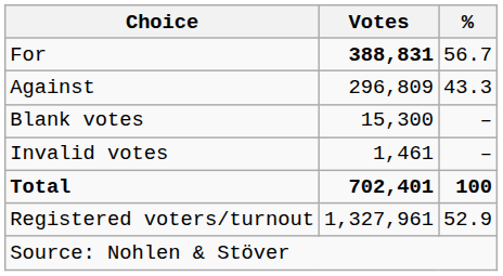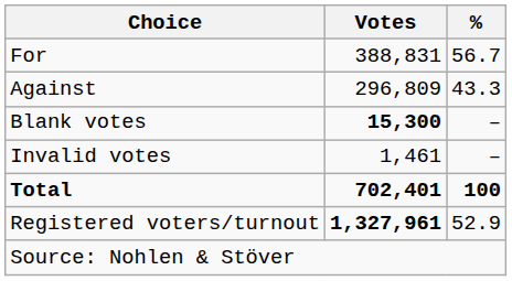 <table class=wikitable style=text-align:right>
 <tr>
 <th>Choice</th>
 <th>Votes</th>
 <th>%</th>
 </tr>
 <tr>
 <td align=left>For</td>
-<td><strong>388,831</strong></td>
+<td>388,831</td>
 <td>56.7</td>
 </tr>
 <tr>
 <td align=left>Against</td>
 <td>296,809</td>
 <td>43.3</td>
 </tr>
 <tr>
 <td align=left>Blank votes</td>
-<td>15,300</td>
+<td><strong>15,300</strong></td>
 <td>–</td>
 </tr>
 <tr>
 <td align=left>Invalid votes</td>
 <td>1,461</td>
 <td>–</td>
 </tr>
 <tr>
 <td align=left><strong>Total</strong></td>
 <td><strong>702,401</strong></td>
 <td><strong>100</strong></td>
 </tr>
 <tr>
 <td align=left>Registered voters/turnout</td>
-<td>1,327,961</td>
+<td><strong>1,327,961</strong></td>
 <td>52.9</td>
 </tr>
 <tr>
 <td align=left colspan=3>Source: Nohlen & Stöver</td>
 </tr>
 </table>
